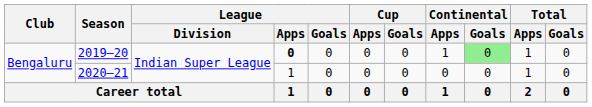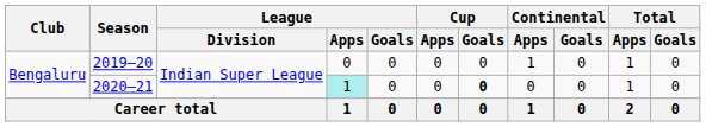 <table class="wikitable" style="text-align: center;">
 <tr>
 <th rowspan="2">Club</th>
 <th rowspan="2">Season</th>
 <th colspan="3">League</th>
 <th colspan="2">Cup</th>
 <th colspan="2">Continental</th>
 <th colspan="2">Total</th>
 </tr>
 <tr>
 <th>Division</th>
 <th>Apps</th>
 <th>Goals</th>
 <th>Apps</th>
 <th>Goals</th>
 <th>Apps</th>
 <th>Goals</th>
 <th>Apps</th>
 <th>Goals</th>
 </tr>
 <tr>
 <td rowspan="2"><a href='#'>Bengaluru</a></td>
 <td><a href='#'>2019–20</a></td>
 <td rowspan="2"><a href='#'>Indian Super League</a></td>
-<td><strong>0</strong></td>
+<td>0</td>
 <td>0</td>
 <td>0</td>
 <td>0</td>
 <td>1</td>
-<td style="background: lightgreen;">0</td>
+<td>0</td>
 <td>1</td>
 <td>0</td>
 </tr>
 <tr>
 <td><a href='#'>2020–21</a></td>
-<td>1</td>
+<td style="background: paleturquoise;">1</td>
 <td>0</td>
 <td>0</td>
-<td>0</td>
+<td><strong>0</strong></td>
 <td>0</td>
 <td>0</td>
 <td>1</td>
 <td>0</td>
 </tr>
 <tr>
 <th colspan="3">Career total</th>
 <th>1</th>
 <th>0</th>
 <th>0</th>
 <th>0</th>
 <th>1</th>
 <th>0</th>
 <th>2</th>
 <th>0</th>
 </tr>
 </table>
